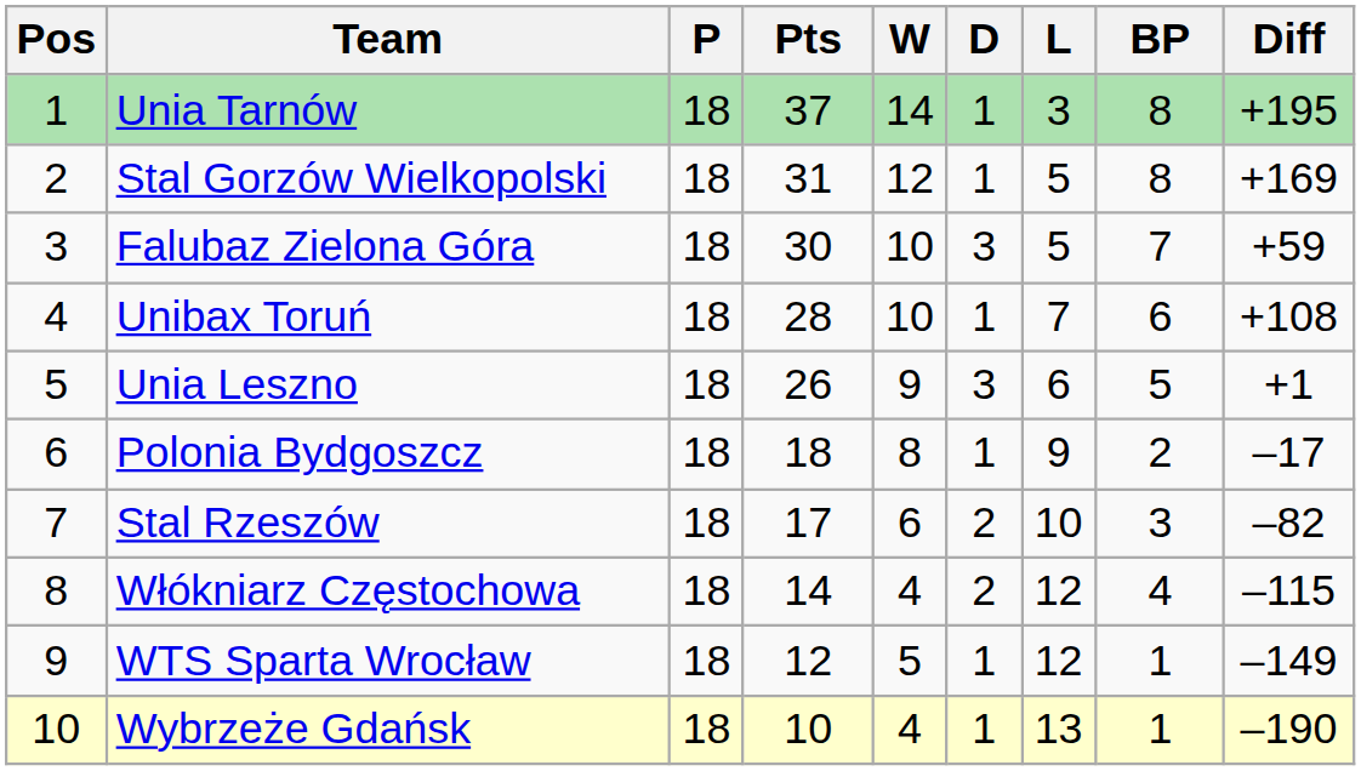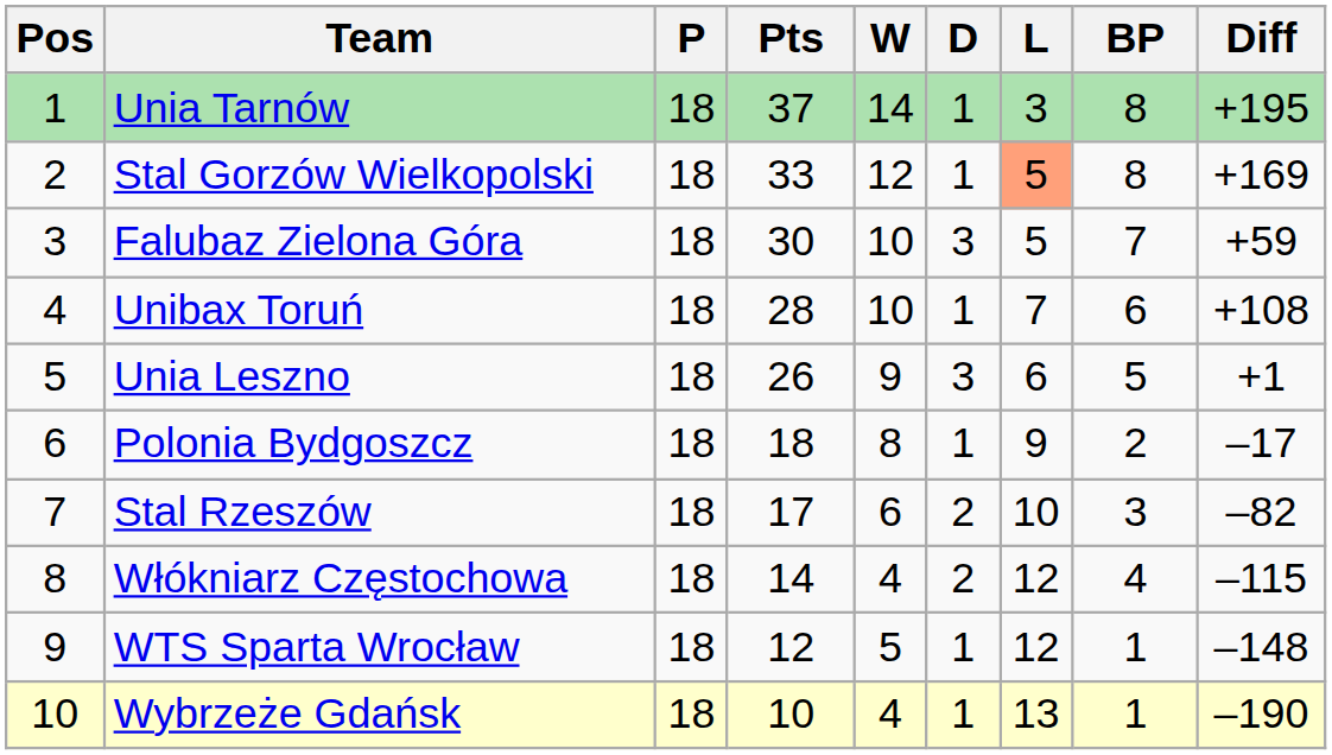 <table class="wikitable" style="font-size: 100%">
 <tr>
 <th width=20>Pos</th>
 <th width=200>Team</th>
 <th width=20>P</th>
 <th width=40>Pts</th>
 <th width=20>W</th>
 <th width=20>D</th>
 <th width=20>L</th>
 <th width=40>BP</th>
 <th width=40>Diff</th>
 </tr>
 <tr align=center style="background:#ACE1AF;">
 <td>1</td>
 <td align="left"><a href='#'>Unia Tarnów</a></td>
 <td>18</td>
 <td>37</td>
 <td>14</td>
 <td>1</td>
 <td>3</td>
 <td>8</td>
 <td>+195</td>
 </tr>
 <tr align=center>
 <td>2</td>
 <td align="left"><a href='#'>Stal Gorzów Wielkopolski</a></td>
 <td>18</td>
-<td>31</td>
+<td>33</td>
 <td>12</td>
 <td>1</td>
-<td>5</td>
+<td style="background: lightsalmon;">5</td>
 <td>8</td>
 <td>+169</td>
 </tr>
 <tr align=center>
 <td>3</td>
 <td align="left"><a href='#'>Falubaz Zielona Góra</a></td>
 <td>18</td>
 <td>30</td>
 <td>10</td>
 <td>3</td>
 <td>5</td>
 <td>7</td>
 <td>+59</td>
 </tr>
 <tr align=center>
 <td>4</td>
 <td align="left"><a href='#'>Unibax Toruń</a></td>
 <td>18</td>
 <td>28</td>
 <td>10</td>
 <td>1</td>
 <td>7</td>
 <td>6</td>
 <td>+108</td>
 </tr>
 <tr align=center>
 <td>5</td>
 <td align="left"><a href='#'>Unia Leszno</a></td>
 <td>18</td>
 <td>26</td>
 <td>9</td>
 <td>3</td>
 <td>6</td>
 <td>5</td>
 <td>+1</td>
 </tr>
 <tr align=center>
 <td>6</td>
 <td align="left"><a href='#'>Polonia Bydgoszcz</a></td>
 <td>18</td>
 <td>18</td>
 <td>8</td>
 <td>1</td>
 <td>9</td>
 <td>2</td>
 <td>–17</td>
 </tr>
 <tr align=center>
 <td>7</td>
 <td align="left"><a href='#'>Stal Rzeszów</a></td>
 <td>18</td>
 <td>17</td>
 <td>6</td>
 <td>2</td>
 <td>10</td>
 <td>3</td>
 <td>–82</td>
 </tr>
 <tr align=center>
 <td>8</td>
 <td align="left"><a href='#'>Włókniarz Częstochowa</a></td>
 <td>18</td>
 <td>14</td>
 <td>4</td>
 <td>2</td>
 <td>12</td>
 <td>4</td>
 <td>–115</td>
 </tr>
 <tr align=center>
 <td>9</td>
 <td align="left"><a href='#'>WTS Sparta Wrocław</a></td>
 <td>18</td>
 <td>12</td>
 <td>5</td>
 <td>1</td>
 <td>12</td>
 <td>1</td>
-<td>–149</td>
+<td>–148</td>
 </tr>
 <tr align=center style="background: #ffffcc;">
 <td>10</td>
 <td align="left"><a href='#'>Wybrzeże Gdańsk</a></td>
 <td>18</td>
 <td>10</td>
 <td>4</td>
 <td>1</td>
 <td>13</td>
 <td>1</td>
 <td>–190</td>
 </tr>
 </table>
